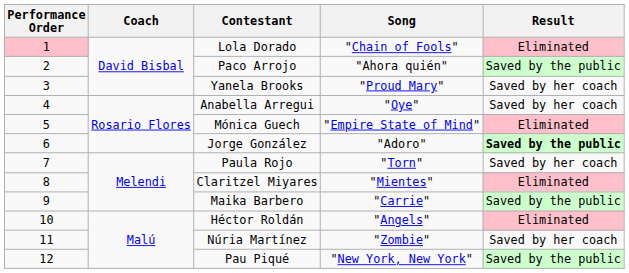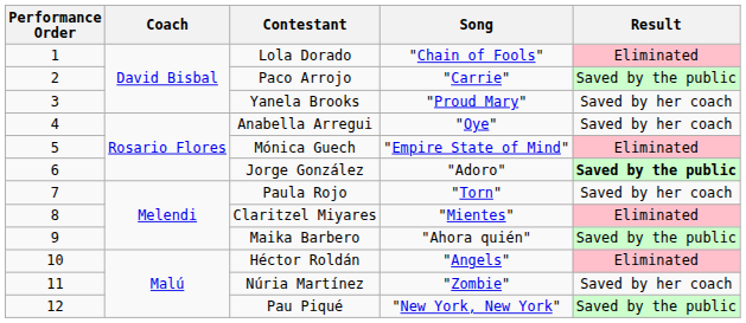 <table class="wikitable" style="text-align: center; width: auto;">
 <tr>
 <th>Performance <br>Order</th>
 <th>Coach</th>
 <th>Contestant</th>
 <th>Song</th>
 <th>Result</th>
 </tr>
 <tr>
-<td style="background: pink;">1</td>
+<td>1</td>
 <td rowspan=3><a href='#'>David Bisbal</a></td>
 <td>Lola Dorado</td>
 <td>"<a href='#'>Chain of Fools</a>"</td>
 <td style="background:pink;">Eliminated</td>
 </tr>
 <tr>
 <td>2</td>
 <td>Paco Arrojo</td>
-<td>"Ahora quién"</td>
+<td>"<a href='#'>Carrie</a>"</td>
 <td style="background:#cfc">Saved by the public</td>
 </tr>
 <tr>
 <td>3</td>
 <td>Yanela Brooks</td>
 <td>"<a href='#'>Proud Mary</a>"</td>
 <td>Saved by her coach</td>
 </tr>
 <tr>
 <td>4</td>
 <td rowspan=3><a href='#'>Rosario Flores</a></td>
 <td>Anabella Arregui</td>
 <td>"<a href='#'>Oye</a>"</td>
 <td>Saved by her coach</td>
 </tr>
 <tr>
 <td>5</td>
 <td>Mónica Guech</td>
 <td>"<a href='#'>Empire State of Mind</a>"</td>
 <td style="background:pink;">Eliminated</td>
 </tr>
 <tr>
 <td>6</td>
 <td>Jorge González</td>
 <td>"Adoro"</td>
 <td style="background:#cfc"><strong>Saved by the public</strong></td>
 </tr>
 <tr>
 <td>7</td>
 <td rowspan=3><a href='#'>Melendi</a></td>
 <td>Paula Rojo</td>
 <td>"<a href='#'>Torn</a>"</td>
 <td>Saved by her coach</td>
 </tr>
 <tr>
 <td>8</td>
 <td>Claritzel Miyares</td>
 <td>"<a href='#'>Mientes</a>"</td>
 <td style="background:pink;">Eliminated</td>
 </tr>
 <tr>
 <td>9</td>
 <td>Maika Barbero</td>
-<td>"<a href='#'>Carrie</a>"</td>
+<td>"Ahora quién"</td>
 <td style="background:#cfc">Saved by the public</td>
 </tr>
 <tr>
 <td>10</td>
 <td rowspan=3><a href='#'>Malú</a></td>
 <td>Héctor Roldán</td>
 <td>"<a href='#'>Angels</a>"</td>
 <td style="background:pink;">Eliminated</td>
 </tr>
 <tr>
 <td>11</td>
 <td>Núria Martínez</td>
 <td>"<a href='#'>Zombie</a>"</td>
 <td>Saved by her coach</td>
 </tr>
 <tr>
 <td>12</td>
 <td>Pau Piqué</td>
 <td>"<a href='#'>New York, New York</a>"</td>
 <td style="background:#cfc">Saved by the public</td>
 </tr>
 </table>
